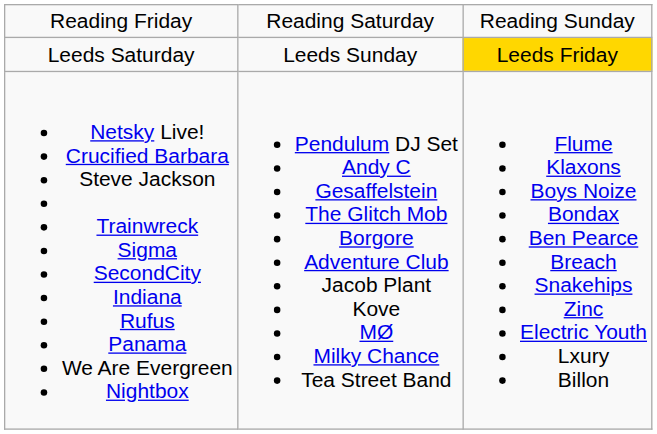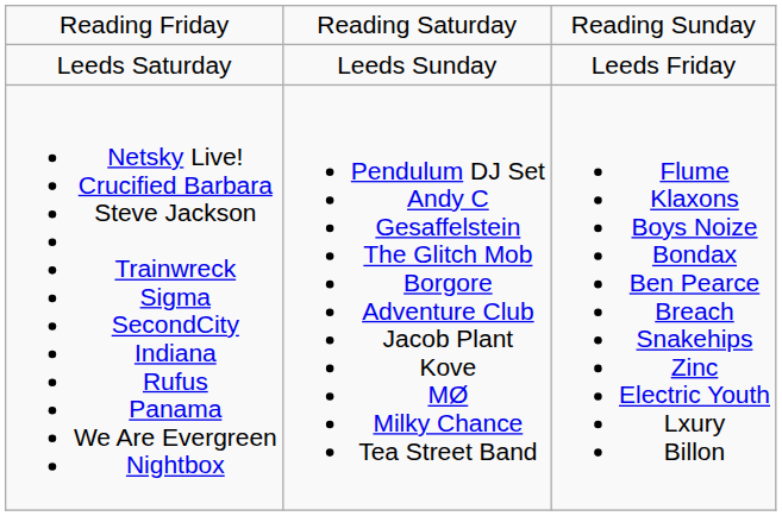 <table class="wikitable" style="text-align:center;">
 <tr>
 <td>Reading Friday</td>
 <td>Reading Saturday</td>
 <td>Reading Sunday</td>
 </tr>
 <tr>
 <td>Leeds Saturday</td>
 <td>Leeds Sunday</td>
-<td style="background: gold;">Leeds Friday</td>
+<td>Leeds Friday</td>
 </tr>
 <tr>
 <td><br><ul><li><a href='#'>Netsky</a> Live!</li><li><a href='#'>Crucified Barbara</a></li><li>Steve Jackson</li><li></li><li><a href='#'>Trainwreck</a></li><li><a href='#'>Sigma</a></li><li><a href='#'>SecondCity</a></li><li><a href='#'>Indiana</a></li><li><a href='#'>Rufus</a></li><li><a href='#'>Panama</a></li><li>We Are Evergreen</li><li><a href='#'>Nightbox</a></li></ul></td>
 <td><br><ul><li><a href='#'>Pendulum</a> DJ Set</li><li><a href='#'>Andy C</a></li><li><a href='#'>Gesaffelstein</a></li><li><a href='#'>The Glitch Mob</a></li><li><a href='#'>Borgore</a></li><li><a href='#'>Adventure Club</a></li><li>Jacob Plant</li><li>Kove</li><li><a href='#'>MØ</a></li><li><a href='#'>Milky Chance</a></li><li>Tea Street Band</li></ul></td>
 <td><br><ul><li><a href='#'>Flume</a></li><li><a href='#'>Klaxons</a></li><li><a href='#'>Boys Noize</a></li><li><a href='#'>Bondax</a></li><li><a href='#'>Ben Pearce</a></li><li><a href='#'>Breach</a></li><li><a href='#'>Snakehips</a></li><li><a href='#'>Zinc</a></li><li><a href='#'>Electric Youth</a></li><li>Lxury</li><li>Billon</li></ul></td>
 </tr>
 </table>
